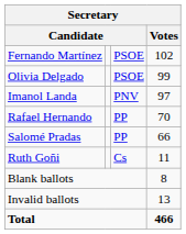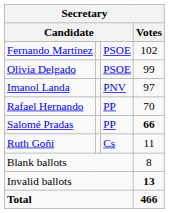 <table class="wikitable" style="font-size:95%; text-align:center;">
 <tr>
 <th colspan="4">Secretary</th>
 </tr>
 <tr>
 <th colspan="3">Candidate</th>
 <th>Votes</th>
 </tr>
 <tr>
 <td align="left"> <a href='#'>Fernando Martínez</a></td>
 <td style="background:"></td>
 <td align="left"><a href='#'>PSOE</a></td>
 <td>102</td>
 </tr>
 <tr>
 <td align="left"> <a href='#'>Olivia Delgado</a></td>
 <td style="background:"></td>
 <td align="left"><a href='#'>PSOE</a></td>
 <td>99</td>
 </tr>
 <tr>
 <td align="left"> <a href='#'>Imanol Landa</a></td>
 <td style="background:"></td>
 <td align="left"><a href='#'>PNV</a></td>
 <td>97</td>
 </tr>
 <tr>
 <td align="left"> <a href='#'>Rafael Hernando</a></td>
 <td style="background:"></td>
 <td align="left"><a href='#'>PP</a></td>
 <td>70</td>
 </tr>
 <tr>
 <td align="left"> <a href='#'>Salomé Pradas</a></td>
 <td style="background:"></td>
 <td align="left"><a href='#'>PP</a></td>
-<td>66</td>
+<td><strong>66</strong></td>
 </tr>
 <tr>
 <td align="left"> <a href='#'>Ruth Goñi</a></td>
 <td style="background:"></td>
 <td align="left"><a href='#'>Cs</a></td>
 <td>11</td>
 </tr>
 <tr>
 <td align=left colspan="3">Blank ballots</td>
 <td>8</td>
 </tr>
 <tr>
 <td align=left colspan="3">Invalid ballots</td>
-<td>13</td>
+<td><strong>13</strong></td>
 </tr>
 <tr style="font-weight:bold">
 <td align=left colspan="3">Total</td>
 <td>466</td>
 </tr>
 </table>
